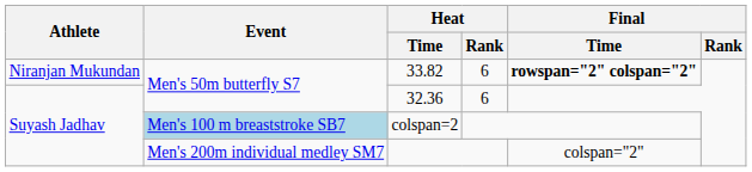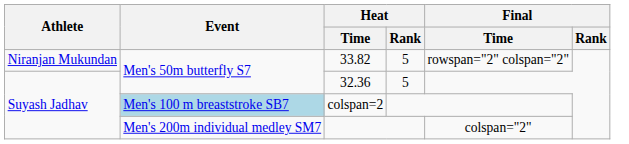 <table class=wikitable style="font-size:90%; text-align:center">
 <tr>
 <th rowspan="2">Athlete</th>
 <th rowspan="2">Event</th>
 <th colspan="2">Heat</th>
 <th colspan="2">Final</th>
 </tr>
 <tr>
 <th>Time</th>
 <th>Rank</th>
 <th>Time</th>
 <th>Rank</th>
 </tr>
 <tr>
 <td align=left><a href='#'>Niranjan Mukundan</a></td>
 <td rowspan=2 align=left><a href='#'>Men's 50m butterfly S7</a></td>
 <td>33.82</td>
-<td>6</td>
-<td><strong>rowspan="2" colspan="2" </strong></td>
+<td>5</td>
+<td>rowspan="2" colspan="2" </td>
 </tr>
 <tr>
 <td rowspan="3" align="left"><a href='#'>Suyash Jadhav</a></td>
 <td>32.36</td>
-<td>6</td>
+<td>5</td>
 </tr>
 <tr>
 <td align=left style="background: lightblue;"><a href='#'>Men's 100 m breaststroke SB7</a></td>
 <td>colspan=2 </td>
 <td colspan="2"></td>
 </tr>
 <tr>
 <td align=left><a href='#'>Men's 200m individual medley SM7</a></td>
 <td colspan="2"></td>
 <td>colspan="2" </td>
 </tr>
 </table>
